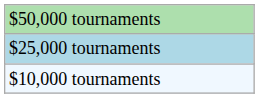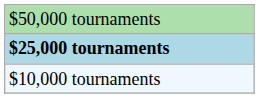 <table class="wikitable" style="font-size:85%;" width="15%">
 <tr style="background:#addfad;">
 <td>$50,000 tournaments</td>
 </tr>
 <tr style="background:lightblue;">
-<td>$25,000 tournaments</td>
+<td><strong>$25,000 tournaments</strong></td>
 </tr>
 <tr style="background:#f0f8ff;">
 <td>$10,000 tournaments</td>
 </tr>
 </table>
